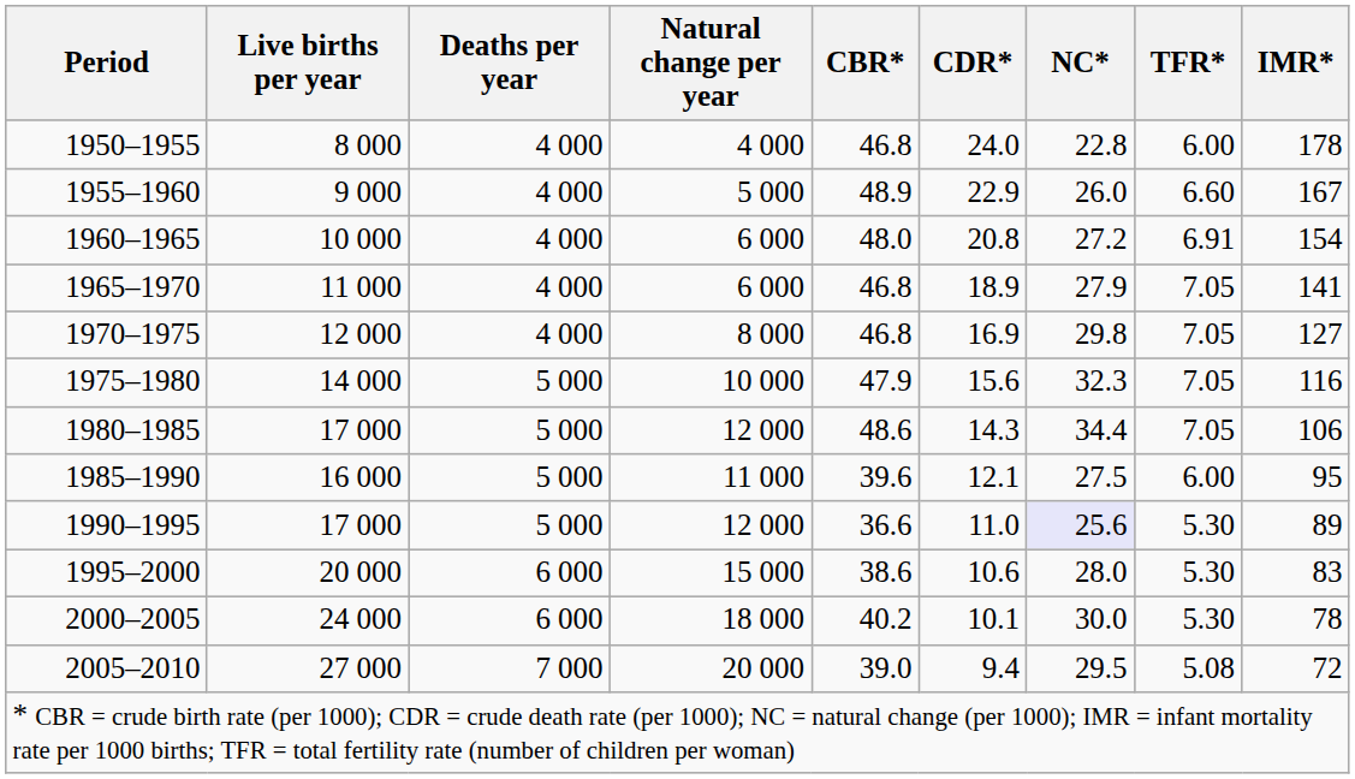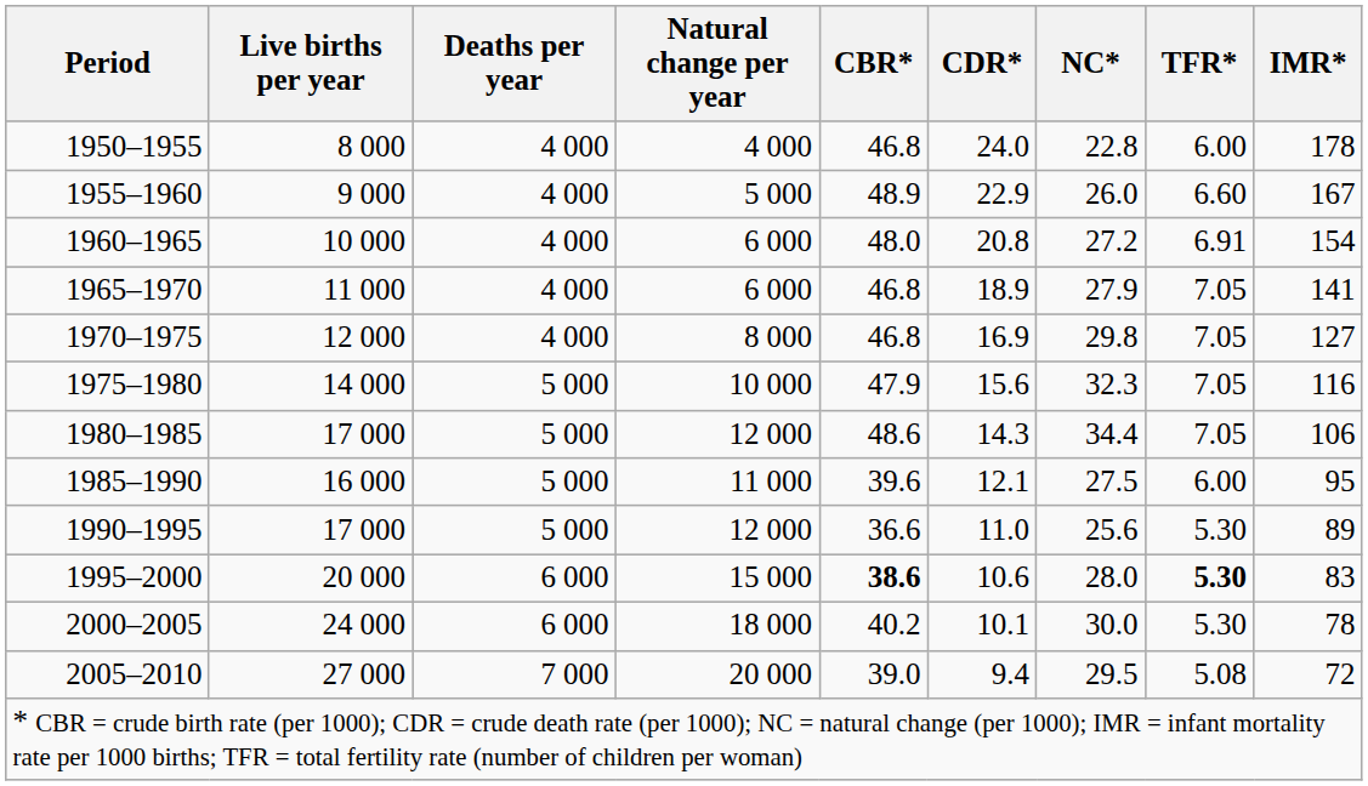 <table class="wikitable" style="text-align: right;">
 <tr>
 <th width=100>Period</th>
 <th width=100>Live births per year</th>
 <th width=100>Deaths per year</th>
 <th width=100>Natural change per year</th>
 <th width=50>CBR*</th>
 <th width=50>CDR*</th>
 <th width=50>NC*</th>
 <th width=50>TFR*</th>
 <th width=50>IMR*</th>
 </tr>
 <tr>
 <td>1950–1955</td>
 <td>8 000</td>
 <td>4 000</td>
 <td>4 000</td>
 <td>46.8</td>
 <td>24.0</td>
 <td>22.8</td>
 <td>6.00</td>
 <td>178</td>
 </tr>
 <tr>
 <td>1955–1960</td>
 <td>9 000</td>
 <td>4 000</td>
 <td>5 000</td>
 <td>48.9</td>
 <td>22.9</td>
 <td>26.0</td>
 <td>6.60</td>
 <td>167</td>
 </tr>
 <tr>
 <td>1960–1965</td>
 <td>10 000</td>
 <td>4 000</td>
 <td>6 000</td>
 <td>48.0</td>
 <td>20.8</td>
 <td>27.2</td>
 <td>6.91</td>
 <td>154</td>
 </tr>
 <tr>
 <td>1965–1970</td>
 <td>11 000</td>
 <td>4 000</td>
 <td>6 000</td>
 <td>46.8</td>
 <td>18.9</td>
 <td>27.9</td>
 <td>7.05</td>
 <td>141</td>
 </tr>
 <tr>
 <td>1970–1975</td>
 <td>12 000</td>
 <td>4 000</td>
 <td>8 000</td>
 <td>46.8</td>
 <td>16.9</td>
 <td>29.8</td>
 <td>7.05</td>
 <td>127</td>
 </tr>
 <tr>
 <td>1975–1980</td>
 <td>14 000</td>
 <td>5 000</td>
 <td>10 000</td>
 <td>47.9</td>
 <td>15.6</td>
 <td>32.3</td>
 <td>7.05</td>
 <td>116</td>
 </tr>
 <tr>
 <td>1980–1985</td>
 <td>17 000</td>
 <td>5 000</td>
 <td>12 000</td>
 <td>48.6</td>
 <td>14.3</td>
 <td>34.4</td>
 <td>7.05</td>
 <td>106</td>
 </tr>
 <tr>
 <td>1985–1990</td>
 <td>16 000</td>
 <td>5 000</td>
 <td>11 000</td>
 <td>39.6</td>
 <td>12.1</td>
 <td>27.5</td>
 <td>6.00</td>
 <td>95</td>
 </tr>
 <tr>
 <td>1990–1995</td>
 <td>17 000</td>
 <td>5 000</td>
 <td>12 000</td>
 <td>36.6</td>
 <td>11.0</td>
-<td style="background: lavender;">25.6</td>
+<td>25.6</td>
 <td>5.30</td>
 <td>89</td>
 </tr>
 <tr>
 <td>1995–2000</td>
 <td>20 000</td>
 <td>6 000</td>
 <td>15 000</td>
-<td>38.6</td>
+<td><strong>38.6</strong></td>
 <td>10.6</td>
 <td>28.0</td>
-<td>5.30</td>
+<td><strong>5.30</strong></td>
 <td>83</td>
 </tr>
 <tr>
 <td>2000–2005</td>
 <td>24 000</td>
 <td>6 000</td>
 <td>18 000</td>
 <td>40.2</td>
 <td>10.1</td>
 <td>30.0</td>
 <td>5.30</td>
 <td>78</td>
 </tr>
 <tr>
 <td>2005–2010</td>
 <td>27 000</td>
 <td>7 000</td>
 <td>20 000</td>
 <td>39.0</td>
 <td>9.4</td>
 <td>29.5</td>
 <td>5.08</td>
 <td>72</td>
 </tr>
 <tr>
 <td align="left" colspan="9">* <small> CBR = crude birth rate (per 1000); CDR = crude death rate (per 1000); NC = natural change (per 1000); IMR = infant mortality rate per 1000 births; TFR = total fertility rate (number of children per woman)</small></td>
 </tr>
 </table>
